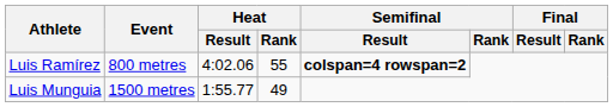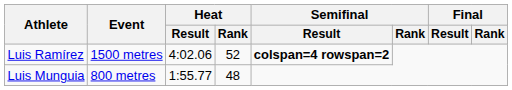 <table class=wikitable style=font-size:90%>
 <tr>
 <th rowspan=2>Athlete</th>
 <th rowspan=2>Event</th>
 <th colspan=2>Heat</th>
 <th colspan=2>Semifinal</th>
 <th colspan=2>Final</th>
 </tr>
 <tr style=font-size:95%>
 <th>Result</th>
 <th>Rank</th>
 <th>Result</th>
 <th>Rank</th>
 <th>Result</th>
 <th>Rank</th>
 </tr>
 <tr align=center>
 <td align=left><a href='#'>Luis Ramírez</a></td>
-<td align=left><a href='#'>800 metres</a></td>
+<td align=left><a href='#'>1500 metres</a></td>
 <td>4:02.06</td>
-<td>55</td>
+<td>52</td>
 <td><strong>colspan=4 rowspan=2 </strong></td>
 </tr>
 <tr align=center>
 <td align=left><a href='#'>Luis Munguia</a></td>
-<td align=left><a href='#'>1500 metres</a></td>
+<td align=left><a href='#'>800 metres</a></td>
 <td>1:55.77</td>
-<td>49</td>
+<td>48</td>
 </tr>
 </table>
